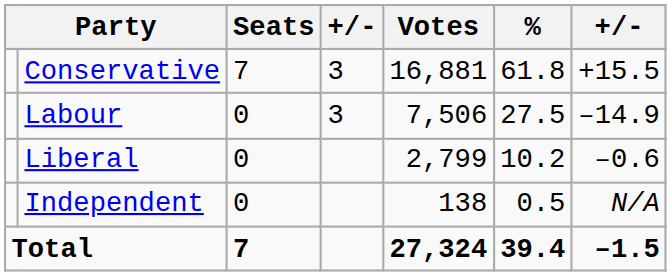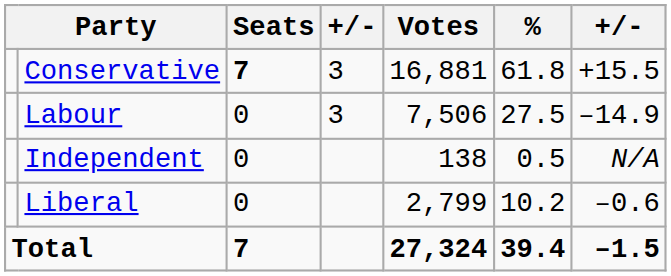 <table class="wikitable sortable">
 <tr>
 <th colspan="2">Party</th>
 <th>Seats</th>
 <th>+/-</th>
 <th>Votes</th>
 <th>%</th>
 <th>+/-</th>
 </tr>
 <tr>
 <td style="background-color: "></td>
 <td><a href='#'>Conservative</a></td>
-<td>7</td>
+<td><strong>7</strong></td>
 <td> 3</td>
 <td style="text-align:right;">16,881</td>
 <td style="text-align:right;">61.8</td>
 <td style="text-align:right;">+15.5</td>
 </tr>
 <tr>
 <td style="background-color: "></td>
 <td><a href='#'>Labour</a></td>
 <td>0</td>
 <td> 3</td>
 <td style="text-align:right;">7,506</td>
 <td style="text-align:right;">27.5</td>
 <td style="text-align:right;">–14.9</td>
 </tr>
 <tr>
 <td style="background-color: "></td>
+<td><a href='#'>Independent</a></td>
+<td>0</td>
+<td></td>
+<td style="text-align:right;">138</td>
+<td style="text-align:right;">0.5</td>
+<td style="text-align:right;"><em>N/A</em></td>
+</tr>
+<tr>
+<td style="background-color: "></td>
 <td><a href='#'>Liberal</a></td>
 <td>0</td>
 <td></td>
 <td style="text-align:right;">2,799</td>
 <td style="text-align:right;">10.2</td>
 <td style="text-align:right;">–0.6</td>
-</tr>
-<tr>
-<td style="background-color: "></td>
-<td><a href='#'>Independent</a></td>
-<td>0</td>
-<td></td>
-<td style="text-align:right;">138</td>
-<td style="text-align:right;">0.5</td>
-<td style="text-align:right;"><em>N/A</em></td>
 </tr>
 <tr>
 <td colspan="2"><strong>Total</strong></td>
 <td><strong>7</strong></td>
 <td></td>
 <td style="text-align:right;"><strong>27,324</strong></td>
 <td style="text-align:right;"><strong>39.4</strong></td>
 <td style="text-align:right;"><strong>–1.5</strong></td>
 </tr>
 </table>
